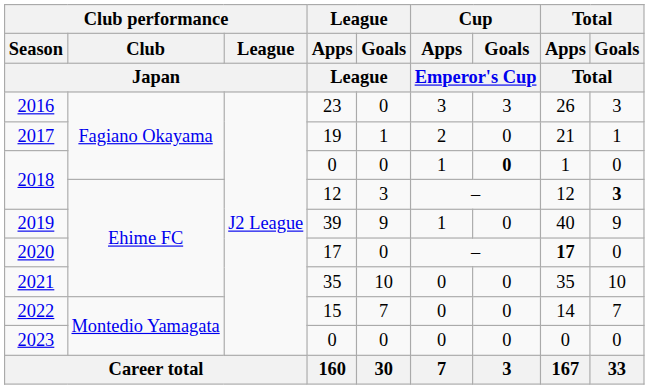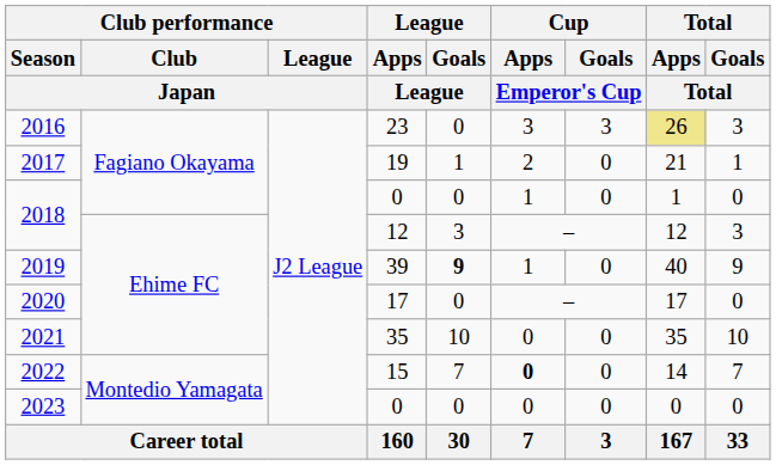 <table class="wikitable" style="text-align:center">
 <tr>
 <th colspan=3>Club performance</th>
 <th colspan=2>League</th>
 <th colspan=2>Cup</th>
 <th colspan=2>Total</th>
 </tr>
 <tr>
 <th>Season</th>
 <th>Club</th>
 <th>League</th>
 <th>Apps</th>
 <th>Goals</th>
 <th>Apps</th>
 <th>Goals</th>
 <th>Apps</th>
 <th>Goals</th>
 </tr>
 <tr>
 <th colspan=3>Japan</th>
 <th colspan=2>League</th>
 <th colspan=2><a href='#'>Emperor's Cup</a></th>
 <th colspan=2>Total</th>
 </tr>
 <tr>
 <td><a href='#'>2016</a></td>
 <td rowspan="3"><a href='#'>Fagiano Okayama</a></td>
 <td rowspan="9"><a href='#'>J2 League</a></td>
 <td>23</td>
 <td>0</td>
 <td>3</td>
 <td>3</td>
-<td>26</td>
+<td style="background: khaki;">26</td>
 <td>3</td>
 </tr>
 <tr>
 <td><a href='#'>2017</a></td>
 <td>19</td>
 <td>1</td>
 <td>2</td>
 <td>0</td>
 <td>21</td>
 <td>1</td>
 </tr>
 <tr>
 <td rowspan="2"><a href='#'>2018</a></td>
 <td>0</td>
 <td>0</td>
 <td>1</td>
-<td><strong>0</strong></td>
+<td>0</td>
 <td>1</td>
 <td>0</td>
 </tr>
 <tr>
 <td rowspan="4"><a href='#'>Ehime FC</a></td>
 <td>12</td>
 <td>3</td>
 <td colspan="2">–</td>
 <td>12</td>
-<td><strong>3</strong></td>
+<td>3</td>
 </tr>
 <tr>
 <td><a href='#'>2019</a></td>
 <td>39</td>
-<td>9</td>
+<td><strong>9</strong></td>
 <td>1</td>
 <td>0</td>
 <td>40</td>
 <td>9</td>
 </tr>
 <tr>
 <td><a href='#'>2020</a></td>
 <td>17</td>
 <td>0</td>
 <td colspan="2">–</td>
-<td><strong>17</strong></td>
+<td>17</td>
 <td>0</td>
 </tr>
 <tr>
 <td><a href='#'>2021</a></td>
 <td>35</td>
 <td>10</td>
 <td>0</td>
 <td>0</td>
 <td>35</td>
 <td>10</td>
 </tr>
 <tr>
 <td><a href='#'>2022</a></td>
 <td rowspan="2"><a href='#'>Montedio Yamagata</a></td>
 <td>15</td>
 <td>7</td>
-<td>0</td>
+<td><strong>0</strong></td>
 <td>0</td>
 <td>14</td>
 <td>7</td>
 </tr>
 <tr>
 <td><a href='#'>2023</a></td>
 <td>0</td>
 <td>0</td>
 <td>0</td>
 <td>0</td>
 <td>0</td>
 <td>0</td>
 </tr>
 <tr>
 <th colspan="3">Career total</th>
 <th>160</th>
 <th>30</th>
 <th>7</th>
 <th>3</th>
 <th>167</th>
 <th>33</th>
 </tr>
 </table>
